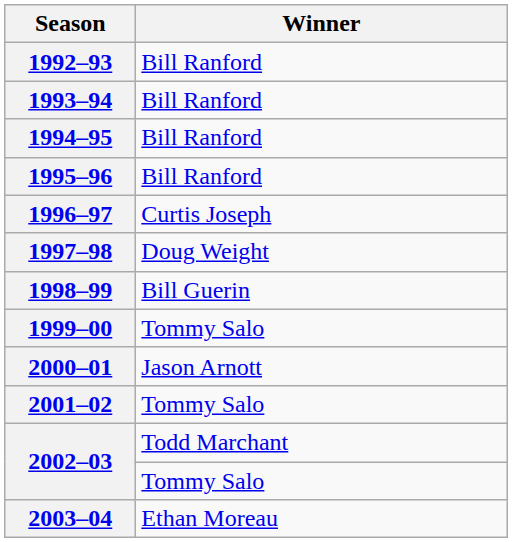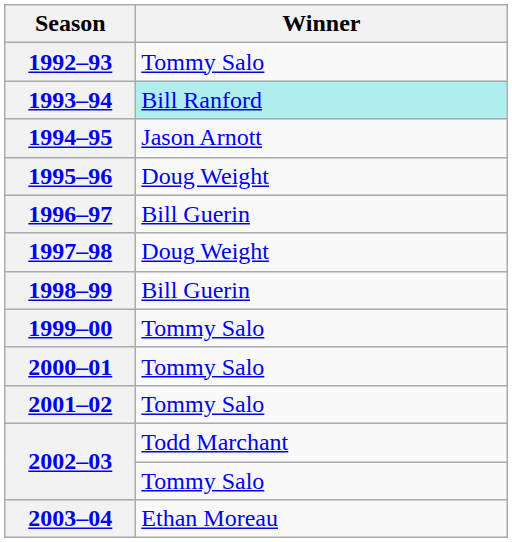 <table class="wikitable">
 <tr>
 <th scope="col" style="width:5em">Season</th>
 <th scope="col" style="width:15em">Winner</th>
 </tr>
 <tr>
 <th scope="row"><a href='#'>1992–93</a></th>
-<td><a href='#'>Bill Ranford</a></td>
+<td><a href='#'>Tommy Salo</a></td>
 </tr>
 <tr>
 <th scope="row"><a href='#'>1993–94</a></th>
-<td><a href='#'>Bill Ranford</a></td>
+<td style="background: paleturquoise;"><a href='#'>Bill Ranford</a></td>
 </tr>
 <tr>
 <th scope="row"><a href='#'>1994–95</a></th>
-<td><a href='#'>Bill Ranford</a></td>
+<td><a href='#'>Jason Arnott</a></td>
 </tr>
 <tr>
 <th scope="row"><a href='#'>1995–96</a></th>
-<td><a href='#'>Bill Ranford</a></td>
+<td><a href='#'>Doug Weight</a></td>
 </tr>
 <tr>
 <th scope="row"><a href='#'>1996–97</a></th>
-<td><a href='#'>Curtis Joseph</a></td>
+<td><a href='#'>Bill Guerin</a></td>
 </tr>
 <tr>
 <th scope="row"><a href='#'>1997–98</a></th>
 <td><a href='#'>Doug Weight</a></td>
 </tr>
 <tr>
 <th scope="row"><a href='#'>1998–99</a></th>
 <td><a href='#'>Bill Guerin</a></td>
 </tr>
 <tr>
 <th scope="row"><a href='#'>1999–00</a></th>
 <td><a href='#'>Tommy Salo</a></td>
 </tr>
 <tr>
 <th scope="row"><a href='#'>2000–01</a></th>
-<td><a href='#'>Jason Arnott</a></td>
+<td><a href='#'>Tommy Salo</a></td>
 </tr>
 <tr>
 <th scope="row"><a href='#'>2001–02</a></th>
 <td><a href='#'>Tommy Salo</a></td>
 </tr>
 <tr>
 <th scope="row" rowspan="2"><a href='#'>2002–03</a></th>
 <td><a href='#'>Todd Marchant</a></td>
 </tr>
 <tr>
 <td><a href='#'>Tommy Salo</a></td>
 </tr>
 <tr>
 <th scope="row"><a href='#'>2003–04</a></th>
 <td><a href='#'>Ethan Moreau</a></td>
 </tr>
 </table>
